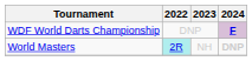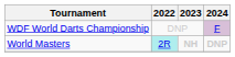 <table class=wikitable style=text-align:center;font-size:88%>
 <tr>
 <th>Tournament</th>
 <th>2022</th>
 <th>2023</th>
 <th>2024</th>
 </tr>
 <tr>
 <td align=left><a href='#'>WDF World Darts Championship</a></td>
 <td colspan="2" style="text-align:center; color:#ccc;">DNP</td>
-<td style="text-align:center; background:thistle;"><strong><a href='#'>F</a></strong></td>
+<td style="text-align:center; background:thistle;"><a href='#'>F</a></td>
 </tr>
 <tr>
 <td align=left><a href='#'>World Masters</a></td>
 <td style="text-align:center; background:#afeeee;"><a href='#'>2R</a></td>
-<td style="text-align:center; color:#ccc;">NH</td>
+<td style="text-align:center; color:#ccc;"><strong>NH</strong></td>
 <td style="text-align:center; color:#ccc;"><strong>DNP</strong></td>
 </tr>
 <tr>
 </tr>
 </table>
